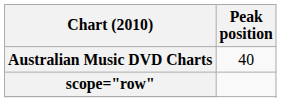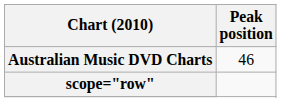 <table class="wikitable sortable plainrowheaders" style="text-align:center">
 <tr>
 <th scope="col">Chart (2010)</th>
 <th scope="col">Peak<br>position</th>
 </tr>
 <tr>
 <th scope="row">Australian Music DVD Charts</th>
-<td>40</td>
+<td>46</td>
 </tr>
 <tr>
 <th>scope="row"</th>
 </tr>
 <tr>
 </tr>
 </table>
